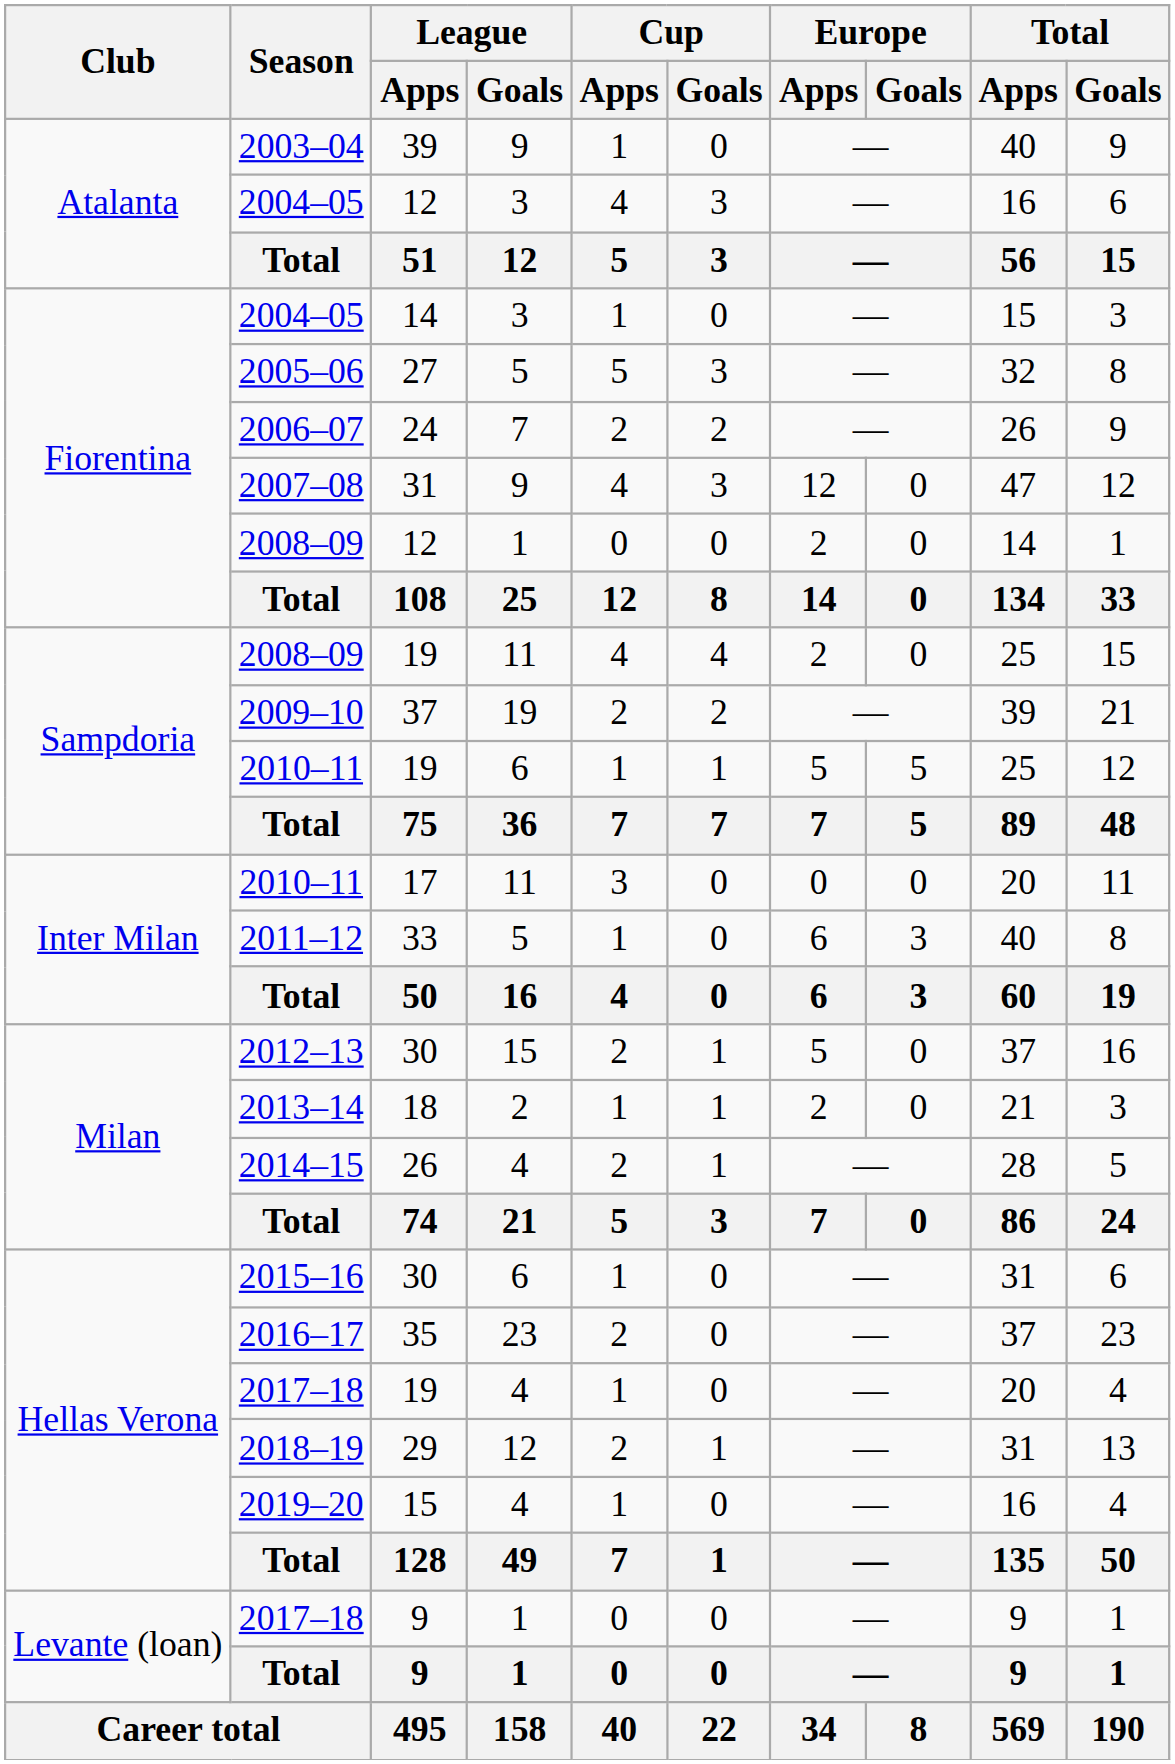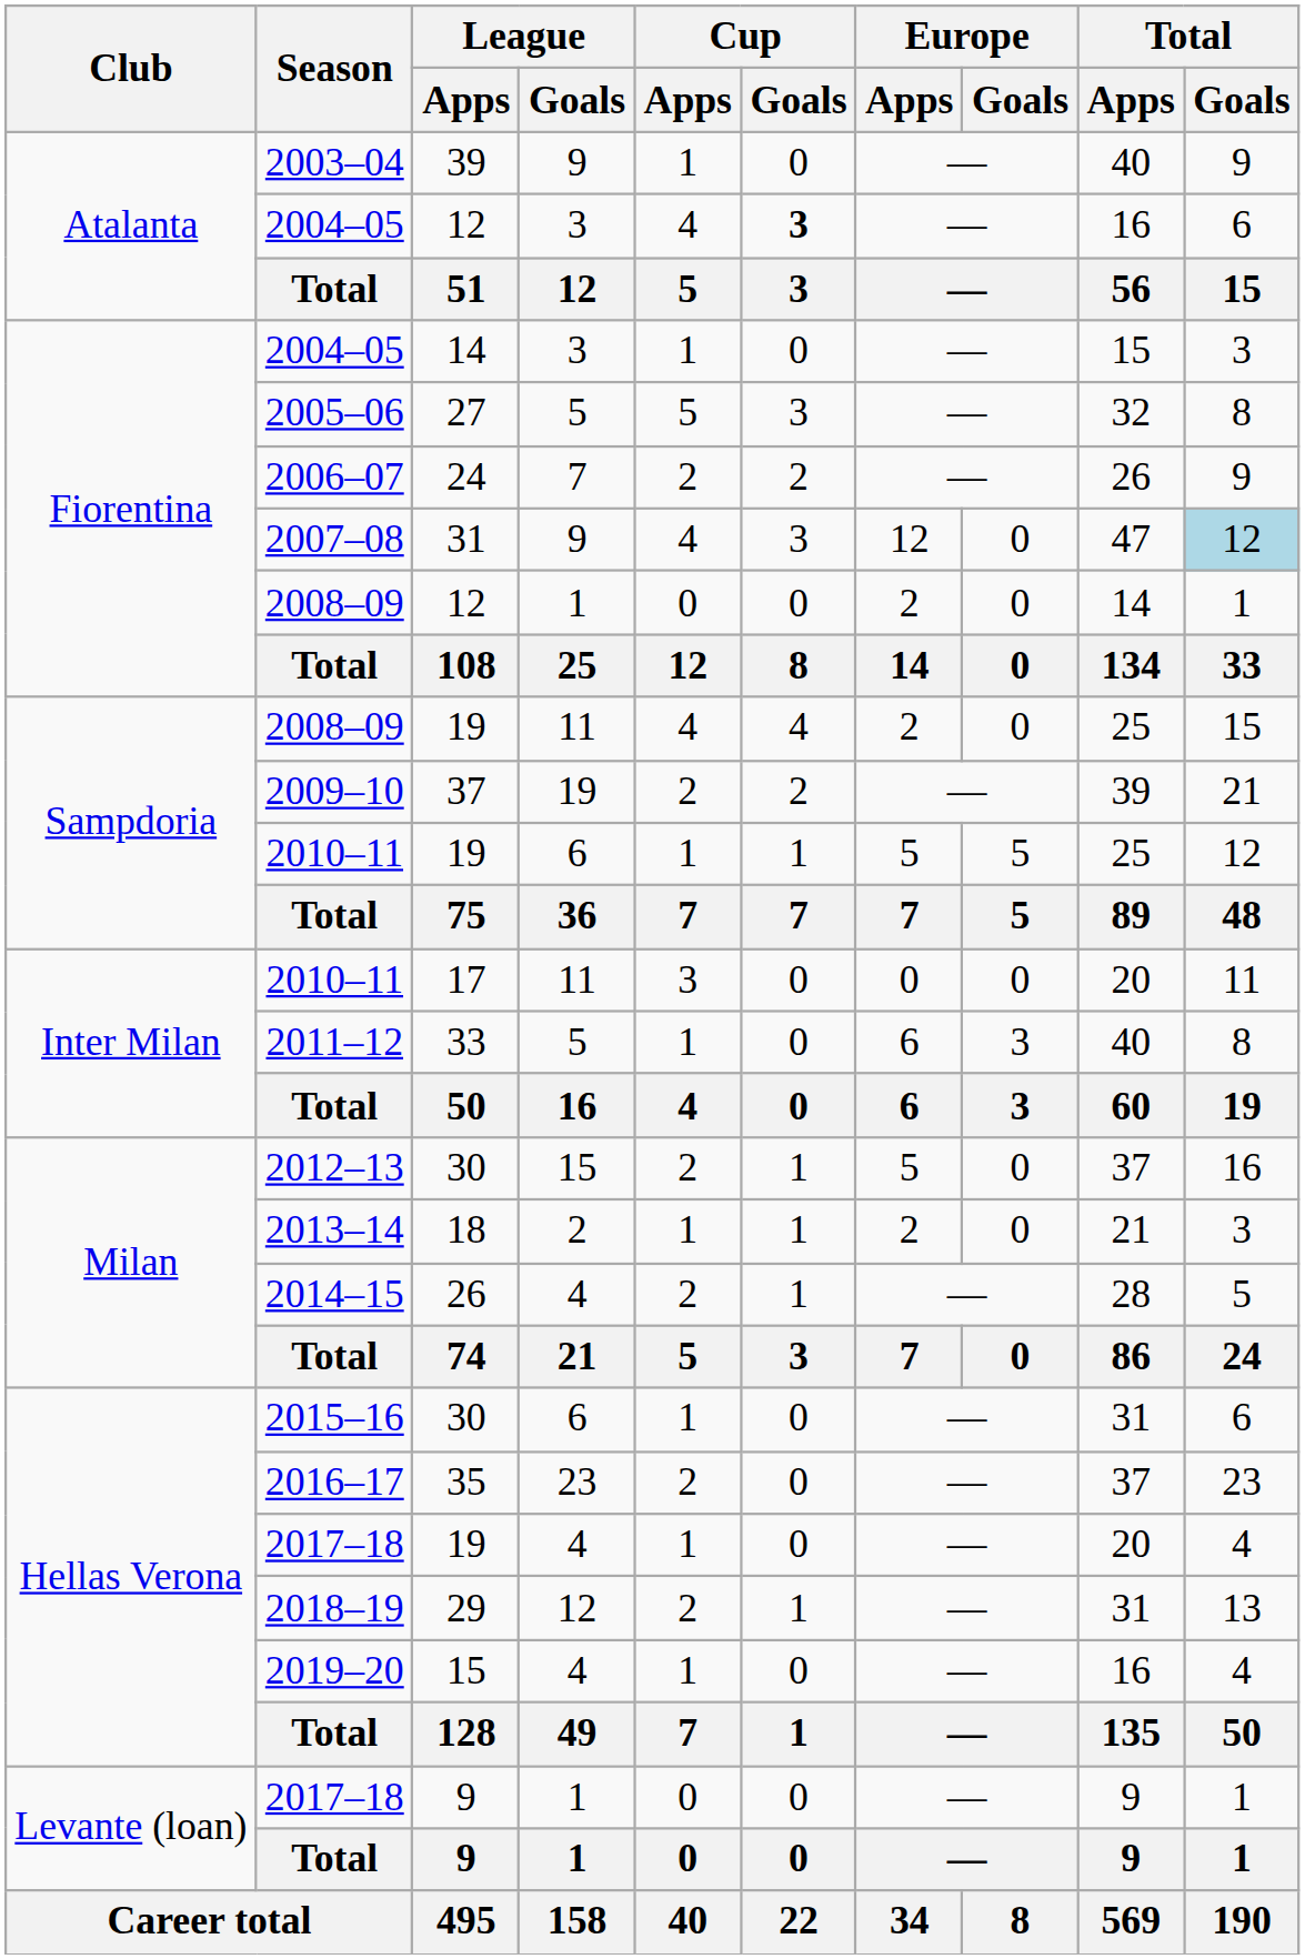 <table class="wikitable" style="text-align: center">
 <tr>
 <th rowspan="2">Club</th>
 <th rowspan="2">Season</th>
 <th colspan="2">League</th>
 <th colspan="2">Cup</th>
 <th colspan="2">Europe</th>
 <th colspan="2">Total</th>
 </tr>
 <tr>
 <th>Apps</th>
 <th>Goals</th>
 <th>Apps</th>
 <th>Goals</th>
 <th>Apps</th>
 <th>Goals</th>
 <th>Apps</th>
 <th>Goals</th>
 </tr>
 <tr>
 <td rowspan="3"><a href='#'>Atalanta</a></td>
 <td><a href='#'>2003–04</a></td>
 <td>39</td>
 <td>9</td>
 <td>1</td>
 <td>0</td>
 <td colspan="2">—</td>
 <td>40</td>
 <td>9</td>
 </tr>
 <tr>
 <td><a href='#'>2004–05</a></td>
 <td>12</td>
 <td>3</td>
 <td>4</td>
-<td>3</td>
+<td><strong>3</strong></td>
 <td colspan="2">—</td>
 <td>16</td>
 <td>6</td>
 </tr>
 <tr>
 <th>Total</th>
 <th>51</th>
 <th>12</th>
 <th>5</th>
 <th>3</th>
 <th colspan="2">—</th>
 <th>56</th>
 <th>15</th>
 </tr>
 <tr>
 <td rowspan="6"><a href='#'>Fiorentina</a></td>
 <td><a href='#'>2004–05</a></td>
 <td>14</td>
 <td>3</td>
 <td>1</td>
 <td>0</td>
 <td colspan="2">—</td>
 <td>15</td>
 <td>3</td>
 </tr>
 <tr>
 <td><a href='#'>2005–06</a></td>
 <td>27</td>
 <td>5</td>
 <td>5</td>
 <td>3</td>
 <td colspan="2">—</td>
 <td>32</td>
 <td>8</td>
 </tr>
 <tr>
 <td><a href='#'>2006–07</a></td>
 <td>24</td>
 <td>7</td>
 <td>2</td>
 <td>2</td>
 <td colspan="2">—</td>
 <td>26</td>
 <td>9</td>
 </tr>
 <tr>
 <td><a href='#'>2007–08</a></td>
 <td>31</td>
 <td>9</td>
 <td>4</td>
 <td>3</td>
 <td>12</td>
 <td>0</td>
 <td>47</td>
-<td>12</td>
+<td style="background: lightblue;">12</td>
 </tr>
 <tr>
 <td><a href='#'>2008–09</a></td>
 <td>12</td>
 <td>1</td>
 <td>0</td>
 <td>0</td>
 <td>2</td>
 <td>0</td>
 <td>14</td>
 <td>1</td>
 </tr>
 <tr>
 <th>Total</th>
 <th>108</th>
 <th>25</th>
 <th>12</th>
 <th>8</th>
 <th>14</th>
 <th>0</th>
 <th>134</th>
 <th>33</th>
 </tr>
 <tr>
 <td rowspan="4"><a href='#'>Sampdoria</a></td>
 <td><a href='#'>2008–09</a></td>
 <td>19</td>
 <td>11</td>
 <td>4</td>
 <td>4</td>
 <td>2</td>
 <td>0</td>
 <td>25</td>
 <td>15</td>
 </tr>
 <tr>
 <td><a href='#'>2009–10</a></td>
 <td>37</td>
 <td>19</td>
 <td>2</td>
 <td>2</td>
 <td colspan="2">—</td>
 <td>39</td>
 <td>21</td>
 </tr>
 <tr>
 <td><a href='#'>2010–11</a></td>
 <td>19</td>
 <td>6</td>
 <td>1</td>
 <td>1</td>
 <td>5</td>
 <td>5</td>
 <td>25</td>
 <td>12</td>
 </tr>
 <tr>
 <th>Total</th>
 <th>75</th>
 <th>36</th>
 <th>7</th>
 <th>7</th>
 <th>7</th>
 <th>5</th>
 <th>89</th>
 <th>48</th>
 </tr>
 <tr>
 <td rowspan="3"><a href='#'>Inter Milan</a></td>
 <td><a href='#'>2010–11</a></td>
 <td>17</td>
 <td>11</td>
 <td>3</td>
 <td>0</td>
 <td>0</td>
 <td>0</td>
 <td>20</td>
 <td>11</td>
 </tr>
 <tr>
 <td><a href='#'>2011–12</a></td>
 <td>33</td>
 <td>5</td>
 <td>1</td>
 <td>0</td>
 <td>6</td>
 <td>3</td>
 <td>40</td>
 <td>8</td>
 </tr>
 <tr>
 <th>Total</th>
 <th>50</th>
 <th>16</th>
 <th>4</th>
 <th>0</th>
 <th>6</th>
 <th>3</th>
 <th>60</th>
 <th>19</th>
 </tr>
 <tr>
 <td rowspan="4"><a href='#'>Milan</a></td>
 <td><a href='#'>2012–13</a></td>
 <td>30</td>
 <td>15</td>
 <td>2</td>
 <td>1</td>
 <td>5</td>
 <td>0</td>
 <td>37</td>
 <td>16</td>
 </tr>
 <tr>
 <td><a href='#'>2013–14</a></td>
 <td>18</td>
 <td>2</td>
 <td>1</td>
 <td>1</td>
 <td>2</td>
 <td>0</td>
 <td>21</td>
 <td>3</td>
 </tr>
 <tr>
 <td><a href='#'>2014–15</a></td>
 <td>26</td>
 <td>4</td>
 <td>2</td>
 <td>1</td>
 <td colspan="2">—</td>
 <td>28</td>
 <td>5</td>
 </tr>
 <tr>
 <th>Total</th>
 <th>74</th>
 <th>21</th>
 <th>5</th>
 <th>3</th>
 <th>7</th>
 <th>0</th>
 <th>86</th>
 <th>24</th>
 </tr>
 <tr>
 <td rowspan="6"><a href='#'>Hellas Verona</a></td>
 <td><a href='#'>2015–16</a></td>
 <td>30</td>
 <td>6</td>
 <td>1</td>
 <td>0</td>
 <td colspan="2">—</td>
 <td>31</td>
 <td>6</td>
 </tr>
 <tr>
 <td><a href='#'>2016–17</a></td>
 <td>35</td>
 <td>23</td>
 <td>2</td>
 <td>0</td>
 <td colspan="2">—</td>
 <td>37</td>
 <td>23</td>
 </tr>
 <tr>
 <td><a href='#'>2017–18</a></td>
 <td>19</td>
 <td>4</td>
 <td>1</td>
 <td>0</td>
 <td colspan="2">—</td>
 <td>20</td>
 <td>4</td>
 </tr>
 <tr>
 <td><a href='#'>2018–19</a></td>
 <td>29</td>
 <td>12</td>
 <td>2</td>
 <td>1</td>
 <td colspan="2">—</td>
 <td>31</td>
 <td>13</td>
 </tr>
 <tr>
 <td><a href='#'>2019–20</a></td>
 <td>15</td>
 <td>4</td>
 <td>1</td>
 <td>0</td>
 <td colspan="2">—</td>
 <td>16</td>
 <td>4</td>
 </tr>
 <tr>
 <th>Total</th>
 <th>128</th>
 <th>49</th>
 <th>7</th>
 <th>1</th>
 <th colspan="2">—</th>
 <th>135</th>
 <th>50</th>
 </tr>
 <tr>
 <td rowspan="2"><a href='#'>Levante</a> (loan)</td>
 <td><a href='#'>2017–18</a></td>
 <td>9</td>
 <td>1</td>
 <td>0</td>
 <td>0</td>
 <td colspan="2">—</td>
 <td>9</td>
 <td>1</td>
 </tr>
 <tr>
 <th>Total</th>
 <th>9</th>
 <th>1</th>
 <th>0</th>
 <th>0</th>
 <th colspan="2">—</th>
 <th>9</th>
 <th>1</th>
 </tr>
 <tr>
 <th colspan="2">Career total</th>
 <th>495</th>
 <th>158</th>
 <th>40</th>
 <th>22</th>
 <th>34</th>
 <th>8</th>
 <th>569</th>
 <th>190</th>
 </tr>
 </table>
